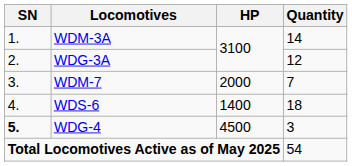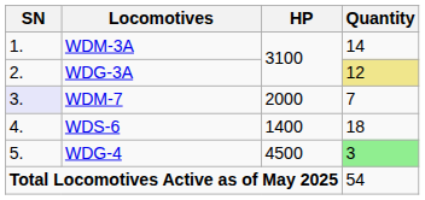 <table class="wikitable">
 <tr>
 <th>SN</th>
 <th>Locomotives</th>
 <th>HP</th>
 <th>Quantity</th>
 </tr>
 <tr>
 <td>1.</td>
 <td><a href='#'>WDM-3A</a></td>
 <td rowspan="2">3100</td>
 <td>14</td>
 </tr>
 <tr>
 <td>2.</td>
 <td><a href='#'>WDG-3A</a></td>
-<td>12</td>
+<td style="background: khaki;">12</td>
 </tr>
 <tr>
-<td>3.</td>
+<td style="background: lavender;">3.</td>
 <td><a href='#'>WDM-7</a></td>
 <td>2000</td>
 <td>7</td>
 </tr>
 <tr>
 <td>4.</td>
 <td><a href='#'>WDS-6</a></td>
 <td>1400</td>
 <td>18</td>
 </tr>
 <tr>
-<td><strong>5.</strong></td>
+<td>5.</td>
 <td><a href='#'>WDG-4</a></td>
 <td>4500</td>
-<td>3</td>
+<td style="background: lightgreen;">3</td>
 </tr>
 <tr>
 <td colspan="3"><strong>Total Locomotives Active as of May 2025</strong></td>
 <td>54</td>
 </tr>
 </table>
